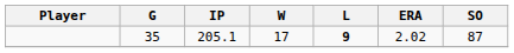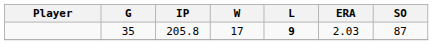 <table class="wikitable sortable">
 <tr>
 <th bgcolor="#DDDDFF" width="16%">Player</th>
 <th bgcolor="#DDDDFF" width="9%">G</th>
 <th bgcolor="#DDDDFF" width="9%">IP</th>
 <th bgcolor="#DDDDFF" width="9%">W</th>
 <th bgcolor="#DDDDFF" width="9%">L</th>
 <th bgcolor="#DDDDFF" width="9%">ERA</th>
 <th bgcolor="#DDDDFF" width="9%">SO</th>
 </tr>
 <tr align="center">
 <td></td>
 <td>35</td>
-<td>205.1</td>
+<td>205.8</td>
 <td>17</td>
 <td><strong>9</strong></td>
-<td>2.02</td>
+<td>2.03</td>
 <td>87</td>
 </tr>
 <tr align="center">
 </tr>
 </table>
